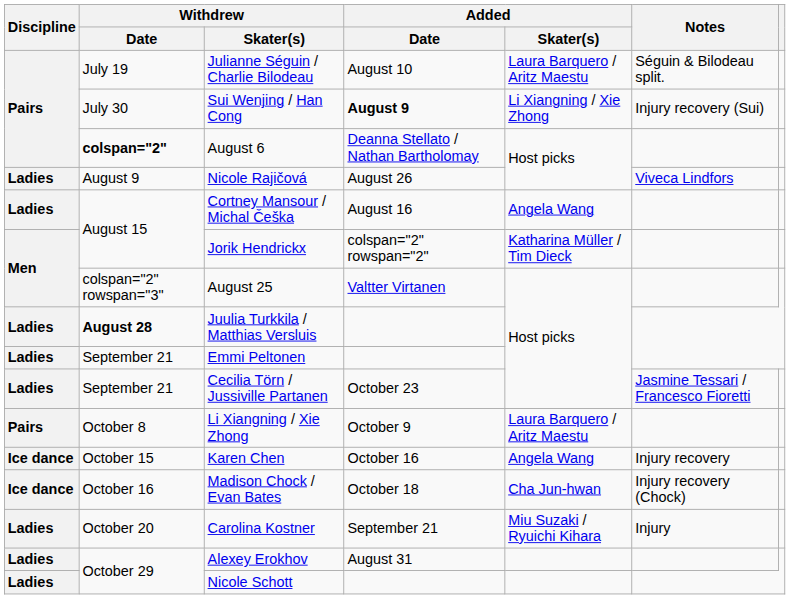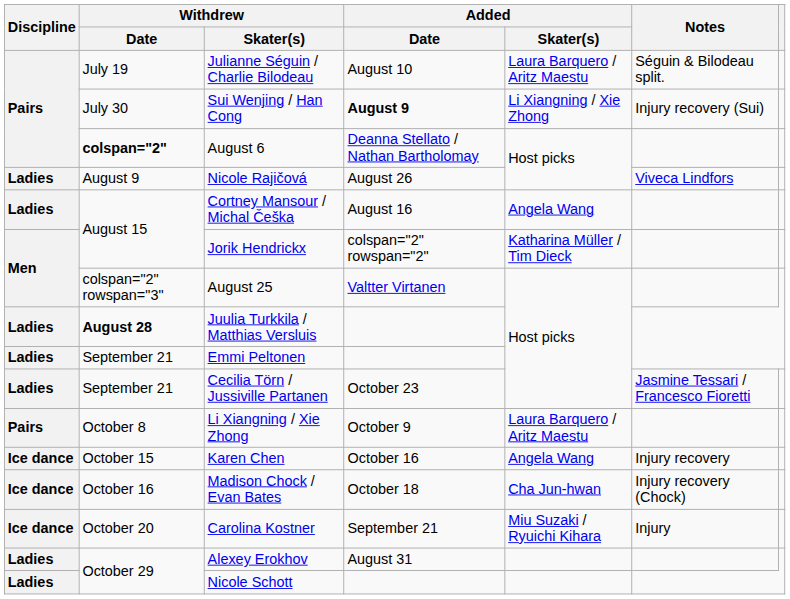 <table class="wikitable unsortable">
 <tr>
 <th scope="col" rowspan=2>Discipline</th>
 <th scope="col" colspan=2>Withdrew</th>
 <th scope="col" colspan=2>Added</th>
 <th scope="col" rowspan=2>Notes</th>
 <th scope="col" rowspan=2></th>
 </tr>
 <tr>
 <th>Date</th>
 <th>Skater(s)</th>
 <th>Date</th>
 <th>Skater(s)</th>
 </tr>
 <tr>
 <th scope="row" style="text-align:left" rowspan="3">Pairs</th>
 <td>July 19</td>
 <td> <a href='#'>Julianne Séguin</a> / <a href='#'>Charlie Bilodeau</a></td>
 <td>August 10</td>
 <td> <a href='#'>Laura Barquero</a> / <a href='#'>Aritz Maestu</a></td>
 <td>Séguin & Bilodeau split.</td>
 <td></td>
 </tr>
 <tr>
 <td>July 30</td>
 <td> <a href='#'>Sui Wenjing</a> / <a href='#'>Han Cong</a></td>
 <td><strong>August 9</strong></td>
 <td> <a href='#'>Li Xiangning</a> / <a href='#'>Xie Zhong</a></td>
 <td>Injury recovery (Sui)</td>
 <td></td>
 </tr>
 <tr>
 <td><strong>colspan="2" </strong></td>
 <td>August 6</td>
 <td> <a href='#'>Deanna Stellato</a> / <a href='#'>Nathan Bartholomay</a></td>
 <td rowspan="2">Host picks</td>
 <td></td>
 </tr>
 <tr>
 <th scope="row" style="text-align:left">Ladies</th>
 <td>August 9</td>
 <td> <a href='#'>Nicole Rajičová</a></td>
 <td>August 26</td>
 <td> <a href='#'>Viveca Lindfors</a></td>
 <td></td>
 </tr>
 <tr>
 <th scope="row" style="text-align:left">Ladies</th>
 <td rowspan="2">August 15</td>
 <td> <a href='#'>Cortney Mansour</a> / <a href='#'>Michal Češka</a></td>
 <td>August 16</td>
 <td> <a href='#'>Angela Wang</a></td>
 <td></td>
 <td></td>
 </tr>
 <tr>
 <th scope="row" style="text-align:left" rowspan="2">Men</th>
 <td> <a href='#'>Jorik Hendrickx</a></td>
 <td>colspan="2" rowspan="2" </td>
 <td> <a href='#'>Katharina Müller</a> / <a href='#'>Tim Dieck</a></td>
 <td></td>
 <td></td>
 </tr>
 <tr>
 <td>colspan="2" rowspan="3" </td>
 <td>August 25</td>
 <td> <a href='#'>Valtter Virtanen</a></td>
 <td rowspan="4">Host picks</td>
 <td></td>
 </tr>
 <tr>
 <th scope="row" style="text-align:left">Ladies</th>
 <td><strong>August 28</strong></td>
 <td> <a href='#'>Juulia Turkkila</a> / <a href='#'>Matthias Versluis</a></td>
 <td></td>
 </tr>
 <tr>
 <th scope="row" style="text-align:left">Ladies</th>
 <td>September 21</td>
 <td> <a href='#'>Emmi Peltonen</a></td>
 <td></td>
 </tr>
 <tr>
 <th scope="row" style="text-align:left">Ladies</th>
 <td>September 21</td>
 <td> <a href='#'>Cecilia Törn</a> / <a href='#'>Jussiville Partanen</a></td>
 <td>October 23</td>
 <td> <a href='#'>Jasmine Tessari</a> / <a href='#'>Francesco Fioretti</a></td>
 <td></td>
 </tr>
 <tr>
 <th scope="row" style="text-align:left">Pairs</th>
 <td>October 8</td>
 <td> <a href='#'>Li Xiangning</a> / <a href='#'>Xie Zhong</a></td>
 <td>October 9</td>
 <td> <a href='#'>Laura Barquero</a> / <a href='#'>Aritz Maestu</a></td>
 <td></td>
 <td></td>
 </tr>
 <tr>
 <th scope="row" style="text-align:left">Ice dance</th>
 <td>October 15</td>
 <td> <a href='#'>Karen Chen</a></td>
 <td>October 16</td>
 <td> <a href='#'>Angela Wang</a></td>
 <td>Injury recovery</td>
 <td></td>
 </tr>
 <tr>
 <th scope="row" style="text-align:left">Ice dance</th>
 <td>October 16</td>
 <td> <a href='#'>Madison Chock</a> / <a href='#'>Evan Bates</a></td>
 <td>October 18</td>
 <td> <a href='#'>Cha Jun-hwan</a></td>
 <td>Injury recovery (Chock)</td>
 <td></td>
 </tr>
 <tr>
-<th scope="row" style="text-align:left">Ladies</th>
+<th scope="row" style="text-align:left">Ice dance</th>
 <td>October 20</td>
 <td> <a href='#'>Carolina Kostner</a></td>
 <td>September 21</td>
 <td> <a href='#'>Miu Suzaki</a> / <a href='#'>Ryuichi Kihara</a></td>
 <td>Injury</td>
 <td></td>
 </tr>
 <tr>
 <th scope="row" style="text-align:left">Ladies</th>
 <td rowspan="2">October 29</td>
 <td> <a href='#'>Alexey Erokhov</a></td>
 <td>August 31</td>
 <td></td>
 <td></td>
 </tr>
 <tr>
 <th scope="row" style="text-align:left">Ladies</th>
 <td> <a href='#'>Nicole Schott</a></td>
 <td></td>
 <td></td>
 </tr>
 </table>
